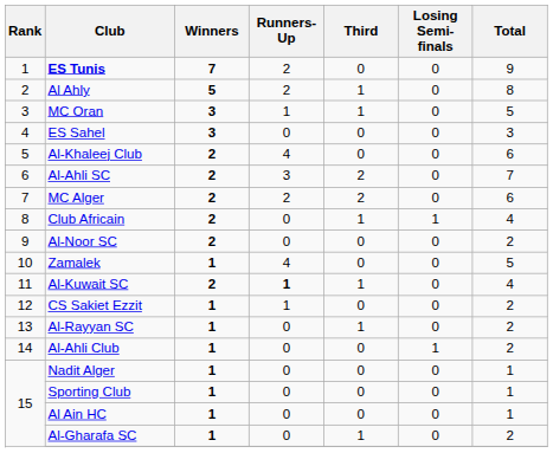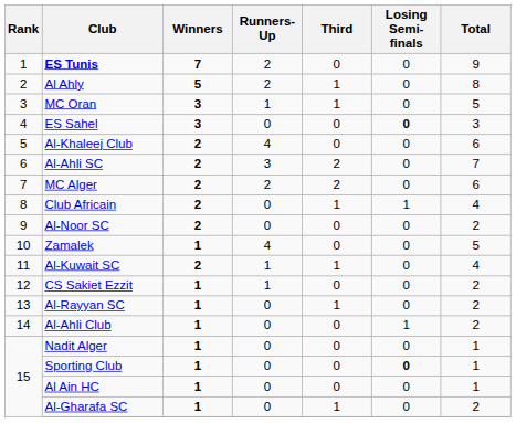 <table class="wikitable" style="text-align: center;">
 <tr>
 <th width=20>Rank</th>
 <th width=145>Club</th>
 <th width=80>Winners</th>
 <th width=80>Runners-Up</th>
 <th width=80>Third</th>
 <th width=80>Losing Semi-finals</th>
 <th width=80>Total</th>
 </tr>
 <tr>
 <td>1</td>
 <td align=left> <strong><a href='#'>ES Tunis</a></strong></td>
 <td><strong>7</strong></td>
 <td>2</td>
 <td>0</td>
 <td>0</td>
 <td>9</td>
 </tr>
 <tr>
 <td>2</td>
 <td align=left> <a href='#'>Al Ahly</a></td>
 <td><strong>5</strong></td>
 <td>2</td>
 <td>1</td>
 <td>0</td>
 <td>8</td>
 </tr>
 <tr>
 <td>3</td>
 <td align=left> <a href='#'>MC Oran</a></td>
 <td><strong>3</strong></td>
 <td>1</td>
 <td>1</td>
 <td>0</td>
 <td>5</td>
 </tr>
 <tr>
 <td>4</td>
 <td align=left> <a href='#'>ES Sahel</a></td>
 <td><strong>3</strong></td>
 <td>0</td>
 <td>0</td>
-<td>0</td>
+<td><strong>0</strong></td>
 <td>3</td>
 </tr>
 <tr>
 <td>5</td>
 <td align=left> <a href='#'>Al-Khaleej Club</a></td>
 <td><strong>2</strong></td>
 <td>4</td>
 <td>0</td>
 <td>0</td>
 <td>6</td>
 </tr>
 <tr>
 <td>6</td>
 <td align=left> <a href='#'>Al-Ahli SC</a></td>
 <td><strong>2</strong></td>
 <td>3</td>
 <td>2</td>
 <td>0</td>
 <td>7</td>
 </tr>
 <tr>
 <td>7</td>
 <td align=left> <a href='#'>MC Alger</a></td>
 <td><strong>2</strong></td>
 <td>2</td>
 <td>2</td>
 <td>0</td>
 <td>6</td>
 </tr>
 <tr>
 <td>8</td>
 <td align=left> <a href='#'>Club Africain</a></td>
 <td><strong>2</strong></td>
 <td>0</td>
 <td>1</td>
 <td>1</td>
 <td>4</td>
 </tr>
 <tr>
 <td>9</td>
 <td align=left> <a href='#'>Al-Noor SC</a></td>
 <td><strong>2</strong></td>
 <td>0</td>
 <td>0</td>
 <td>0</td>
 <td>2</td>
 </tr>
 <tr>
 <td>10</td>
 <td align=left> <a href='#'>Zamalek</a></td>
 <td><strong>1</strong></td>
 <td>4</td>
 <td>0</td>
 <td>0</td>
 <td>5</td>
 </tr>
 <tr>
 <td>11</td>
 <td align=left> <a href='#'>Al-Kuwait SC</a></td>
 <td><strong>2</strong></td>
-<td><strong>1</strong></td>
+<td>1</td>
 <td>1</td>
 <td>0</td>
 <td>4</td>
 </tr>
 <tr>
 <td>12</td>
 <td align=left> <a href='#'>CS Sakiet Ezzit</a></td>
 <td><strong>1</strong></td>
 <td>1</td>
 <td>0</td>
 <td>0</td>
 <td>2</td>
 </tr>
 <tr>
 <td>13</td>
 <td align=left> <a href='#'>Al-Rayyan SC</a></td>
 <td><strong>1</strong></td>
 <td>0</td>
 <td>1</td>
 <td>0</td>
 <td>2</td>
 </tr>
 <tr>
 <td>14</td>
 <td align=left> <a href='#'>Al-Ahli Club</a></td>
 <td><strong>1</strong></td>
 <td>0</td>
 <td>0</td>
 <td>1</td>
 <td>2</td>
 </tr>
 <tr>
 <td rowspan=6>15</td>
 <td align=left> <a href='#'>Nadit Alger</a></td>
 <td><strong>1</strong></td>
 <td>0</td>
 <td>0</td>
 <td>0</td>
 <td>1</td>
 </tr>
 <tr>
 <td align=left> <a href='#'>Sporting Club</a></td>
 <td><strong>1</strong></td>
 <td>0</td>
 <td>0</td>
-<td>0</td>
+<td><strong>0</strong></td>
 <td>1</td>
 </tr>
 <tr>
 <td align=left> <a href='#'>Al Ain HC</a></td>
 <td><strong>1</strong></td>
 <td>0</td>
 <td>0</td>
 <td>0</td>
 <td>1</td>
 </tr>
 <tr>
 <td align=left> <a href='#'>Al-Gharafa SC</a></td>
 <td><strong>1</strong></td>
 <td>0</td>
 <td>1</td>
 <td>0</td>
 <td>2</td>
 </tr>
 <tr>
 </tr>
 </table>
